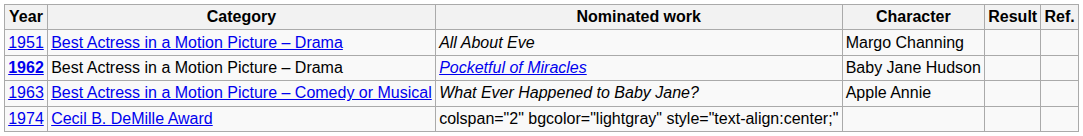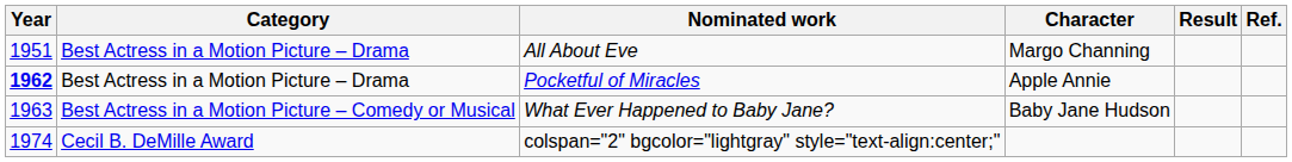 <table class="wikitable">
 <tr>
 <th>Year</th>
 <th>Category</th>
 <th>Nominated work</th>
 <th>Character</th>
 <th>Result</th>
 <th>Ref.</th>
 </tr>
 <tr>
 <td style="text-align:center;"><a href='#'>1951</a></td>
 <td><a href='#'>Best Actress in a Motion Picture – Drama</a></td>
 <td><em>All About Eve</em></td>
 <td>Margo Channing</td>
 <td></td>
 <td style="text-align:center;"></td>
 </tr>
 <tr>
 <td style="text-align:center;"><strong><a href='#'>1962</a></strong></td>
 <td>Best Actress in a Motion Picture – Drama</td>
 <td><em><a href='#'>Pocketful of Miracles</a></em></td>
-<td>Baby Jane Hudson</td>
+<td>Apple Annie</td>
 <td></td>
 <td style="text-align:center;"></td>
 </tr>
 <tr>
 <td style="text-align:center;"><a href='#'>1963</a></td>
 <td><a href='#'>Best Actress in a Motion Picture – Comedy or Musical</a></td>
 <td><em>What Ever Happened to Baby Jane?</em></td>
-<td>Apple Annie</td>
+<td>Baby Jane Hudson</td>
 <td></td>
 <td style="text-align:center;"></td>
 </tr>
 <tr>
 <td style="text-align:center;"><a href='#'>1974</a></td>
 <td><a href='#'>Cecil B. DeMille Award</a></td>
 <td>colspan="2" bgcolor="lightgray" style="text-align:center;" </td>
 <td></td>
 <td style="text-align:center;"></td>
 </tr>
 </table>
